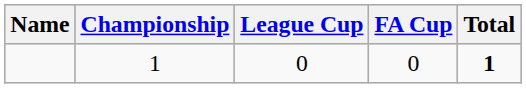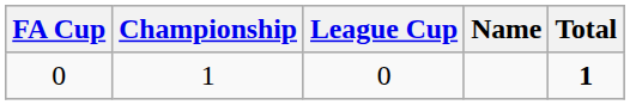 <table class="wikitable sortable" style="text-align:center; font-size:95%">
 <tr>
-<th>Name</th>
+<th><a href='#'>FA Cup</a></th>
 <th><a href='#'>Championship</a></th>
 <th><a href='#'>League Cup</a></th>
-<th><a href='#'>FA Cup</a></th>
+<th>Name</th>
 <th>Total</th>
 </tr>
 <tr>
-<td></td>
+<td>0</td>
 <td>1</td>
 <td>0</td>
-<td>0</td>
+<td></td>
 <td> <strong>1</strong></td>
 </tr>
 </table>
